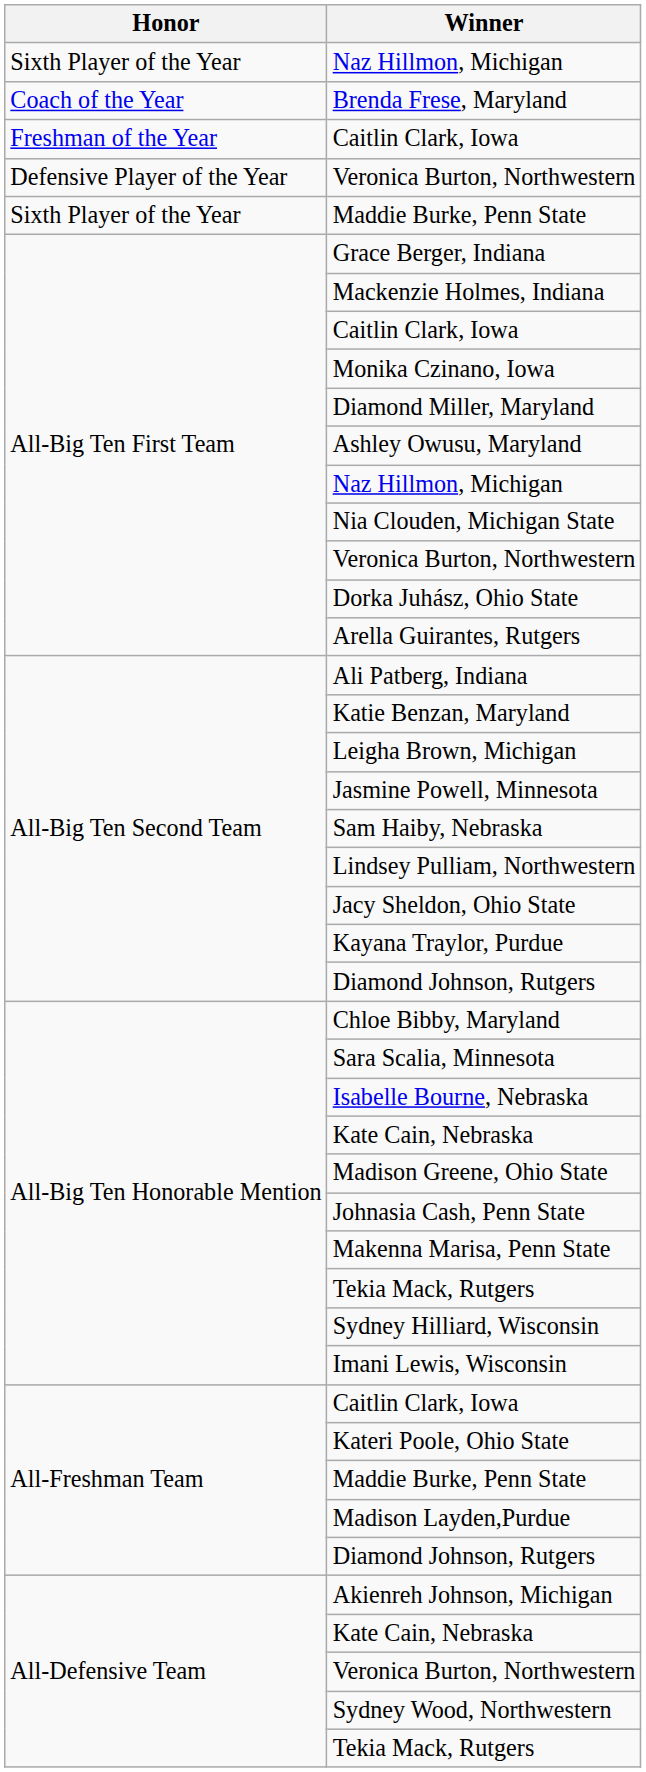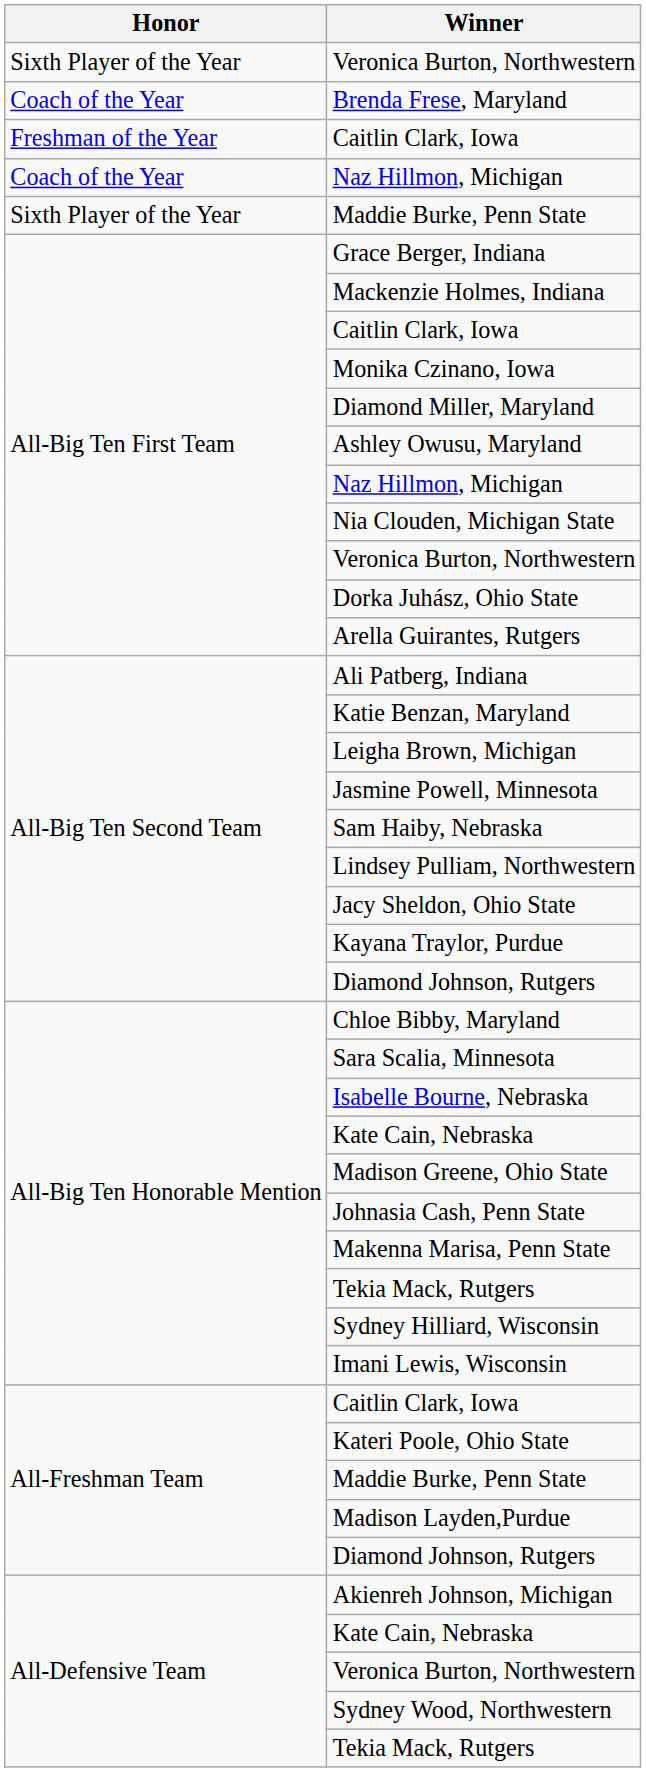 <table class="wikitable" border="1">
 <tr>
 <th>Honor</th>
 <th>Winner</th>
 </tr>
 <tr>
 <td>Sixth Player of the Year</td>
-<td><a href='#'>Naz Hillmon</a>, Michigan</td>
+<td>Veronica Burton, Northwestern</td>
 </tr>
 <tr>
 <td><a href='#'>Coach of the Year</a></td>
 <td><a href='#'>Brenda Frese</a>, Maryland</td>
 </tr>
 <tr>
 <td><a href='#'>Freshman of the Year</a></td>
 <td>Caitlin Clark, Iowa</td>
 </tr>
 <tr>
-<td>Defensive Player of the Year</td>
-<td>Veronica Burton, Northwestern</td>
+<td><a href='#'>Coach of the Year</a></td>
+<td><a href='#'>Naz Hillmon</a>, Michigan</td>
 </tr>
 <tr>
 <td>Sixth Player of the Year</td>
 <td>Maddie Burke, Penn State</td>
 </tr>
 <tr>
 <td rowspan=11 valign=middle>All-Big Ten First Team</td>
 <td>Grace Berger, Indiana</td>
 </tr>
 <tr>
 <td>Mackenzie Holmes, Indiana</td>
 </tr>
 <tr>
 <td>Caitlin Clark, Iowa</td>
 </tr>
 <tr>
 <td>Monika Czinano, Iowa</td>
 </tr>
 <tr>
 <td>Diamond Miller, Maryland</td>
 </tr>
 <tr>
 <td>Ashley Owusu, Maryland</td>
 </tr>
 <tr>
 <td><a href='#'>Naz Hillmon</a>, Michigan</td>
 </tr>
 <tr>
 <td>Nia Clouden, Michigan State</td>
 </tr>
 <tr>
 <td>Veronica Burton, Northwestern</td>
 </tr>
 <tr>
 <td>Dorka Juhász, Ohio State</td>
 </tr>
 <tr>
 <td>Arella Guirantes, Rutgers</td>
 </tr>
 <tr>
 <td rowspan=9 valign=middle>All-Big Ten Second Team</td>
 <td>Ali Patberg, Indiana</td>
 </tr>
 <tr>
 <td>Katie Benzan, Maryland</td>
 </tr>
 <tr>
 <td>Leigha Brown, Michigan</td>
 </tr>
 <tr>
 <td>Jasmine Powell, Minnesota</td>
 </tr>
 <tr>
 <td>Sam Haiby, Nebraska</td>
 </tr>
 <tr>
 <td>Lindsey Pulliam, Northwestern</td>
 </tr>
 <tr>
 <td>Jacy Sheldon, Ohio State</td>
 </tr>
 <tr>
 <td>Kayana Traylor, Purdue</td>
 </tr>
 <tr>
 <td>Diamond Johnson, Rutgers</td>
 </tr>
 <tr>
 <td rowspan=10 valign=middle>All-Big Ten Honorable Mention</td>
 <td>Chloe Bibby, Maryland</td>
 </tr>
 <tr>
 <td>Sara Scalia, Minnesota</td>
 </tr>
 <tr>
 <td><a href='#'>Isabelle Bourne</a>, Nebraska</td>
 </tr>
 <tr>
 <td>Kate Cain, Nebraska</td>
 </tr>
 <tr>
 <td>Madison Greene, Ohio State</td>
 </tr>
 <tr>
 <td>Johnasia Cash, Penn State</td>
 </tr>
 <tr>
 <td>Makenna Marisa, Penn State</td>
 </tr>
 <tr>
 <td>Tekia Mack, Rutgers</td>
 </tr>
 <tr>
 <td>Sydney Hilliard, Wisconsin</td>
 </tr>
 <tr>
 <td>Imani Lewis, Wisconsin</td>
 </tr>
 <tr>
 <td rowspan=5 valign=middle>All-Freshman Team</td>
 <td>Caitlin Clark, Iowa</td>
 </tr>
 <tr>
 <td>Kateri Poole, Ohio State</td>
 </tr>
 <tr>
 <td>Maddie Burke, Penn State</td>
 </tr>
 <tr>
 <td>Madison Layden,Purdue</td>
 </tr>
 <tr>
 <td>Diamond Johnson, Rutgers</td>
 </tr>
 <tr>
 <td rowspan=5 valign=middle>All-Defensive Team</td>
 <td>Akienreh Johnson, Michigan</td>
 </tr>
 <tr>
 <td>Kate Cain, Nebraska</td>
 </tr>
 <tr>
 <td>Veronica Burton, Northwestern</td>
 </tr>
 <tr>
 <td>Sydney Wood, Northwestern</td>
 </tr>
 <tr>
 <td>Tekia Mack, Rutgers</td>
 </tr>
 </table>
